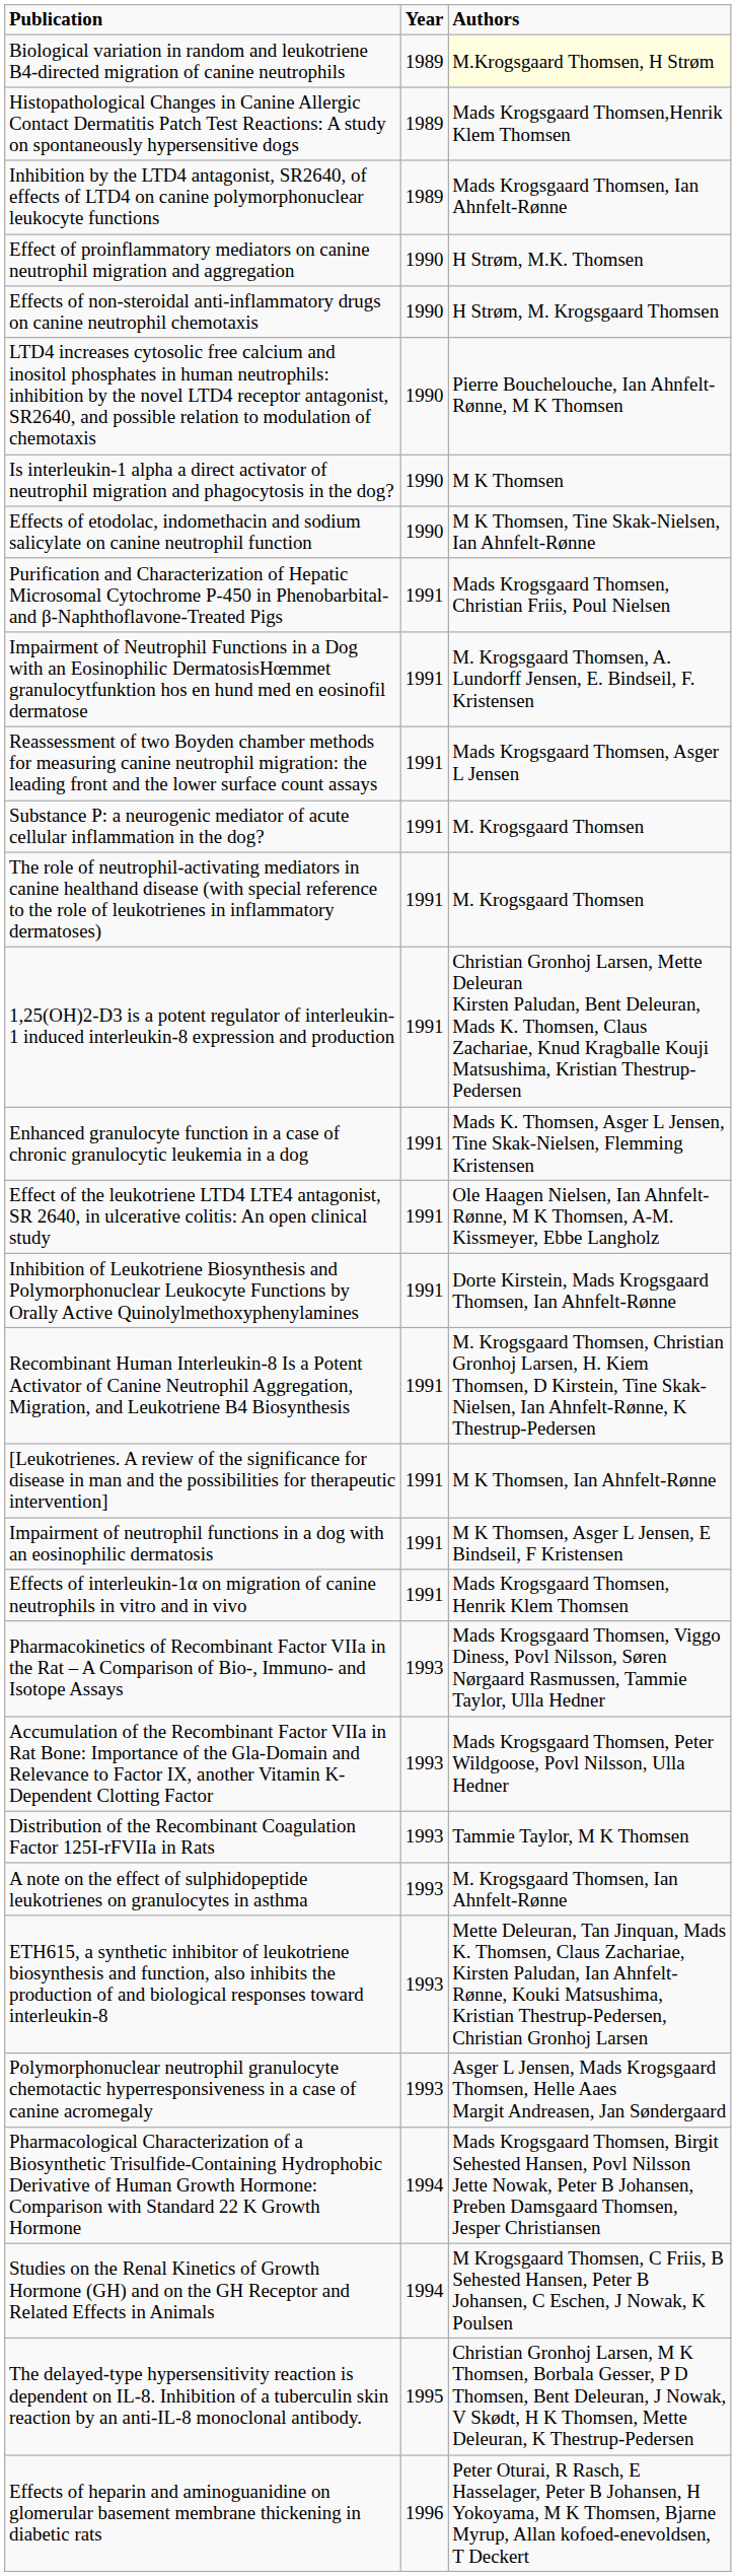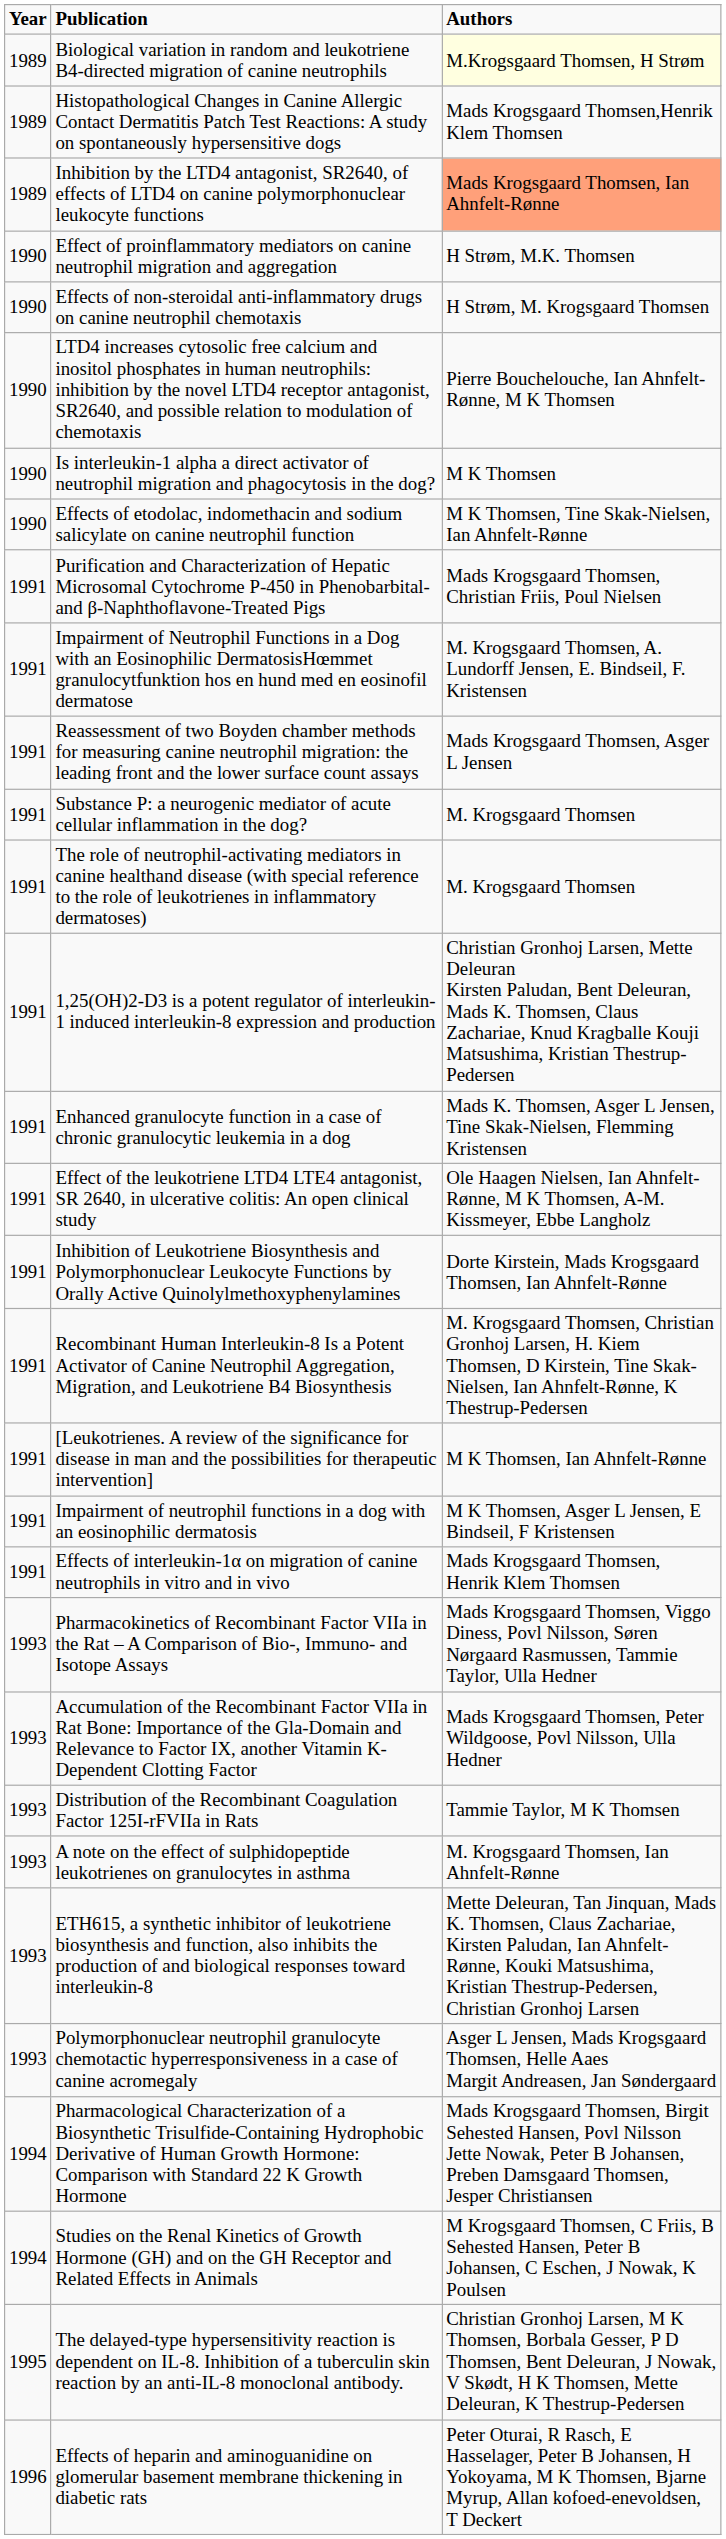 <table class="wikitable sortable mw-collapsible mw-collapsed">
 <tr>
+<td><strong>Year</strong></td>
 <td><strong>Publication</strong></td>
-<td><strong>Year</strong></td>
 <td><strong>Authors</strong></td>
 </tr>
 <tr>
+<td>1989</td>
 <td>Biological variation in random and leukotriene B4-directed migration of canine neutrophils</td>
-<td>1989</td>
 <td style="background: lightyellow;">M.Krogsgaard Thomsen, H Strøm</td>
 </tr>
 <tr>
+<td>1989</td>
 <td>Histopathological Changes in Canine Allergic Contact Dermatitis Patch Test Reactions: A study on spontaneously hypersensitive dogs</td>
-<td>1989</td>
 <td>Mads Krogsgaard Thomsen,Henrik Klem Thomsen</td>
 </tr>
 <tr>
+<td>1989</td>
 <td>Inhibition by the LTD4 antagonist, SR2640, of effects of LTD4 on canine polymorphonuclear leukocyte functions</td>
-<td>1989</td>
-<td>Mads Krogsgaard Thomsen, Ian Ahnfelt-Rønne</td>
+<td style="background: lightsalmon;">Mads Krogsgaard Thomsen, Ian Ahnfelt-Rønne</td>
 </tr>
 <tr>
+<td>1990</td>
 <td>Effect of proinflammatory mediators on canine neutrophil migration and aggregation</td>
-<td>1990</td>
 <td>H Strøm, M.K. Thomsen</td>
 </tr>
 <tr>
+<td>1990</td>
 <td>Effects of non-steroidal anti-inflammatory drugs on canine neutrophil chemotaxis</td>
-<td>1990</td>
 <td>H Strøm, M. Krogsgaard Thomsen</td>
 </tr>
 <tr>
+<td>1990</td>
 <td>LTD4 increases cytosolic free calcium and inositol phosphates in human neutrophils: inhibition by the novel LTD4 receptor antagonist, SR2640, and possible relation to modulation of chemotaxis</td>
-<td>1990</td>
 <td>Pierre Bouchelouche, Ian Ahnfelt-Rønne, M K Thomsen</td>
 </tr>
 <tr>
+<td>1990</td>
 <td>Is interleukin-1 alpha a direct activator of neutrophil migration and phagocytosis in the dog?</td>
-<td>1990</td>
 <td>M K Thomsen</td>
 </tr>
 <tr>
+<td>1990</td>
 <td>Effects of etodolac, indomethacin and sodium salicylate on canine neutrophil function</td>
-<td>1990</td>
 <td>M K Thomsen, Tine Skak-Nielsen,<br>Ian Ahnfelt-Rønne</td>
 </tr>
 <tr>
+<td>1991</td>
 <td>Purification and Characterization of Hepatic Microsomal Cytochrome P-450 in Phenobarbital- and β-Naphthoflavone-Treated Pigs</td>
-<td>1991</td>
 <td>Mads Krogsgaard Thomsen, Christian Friis, Poul Nielsen</td>
 </tr>
 <tr>
+<td>1991</td>
 <td>Impairment of Neutrophil Functions in a Dog with an Eosinophilic DermatosisHœmmet granulocytfunktion hos en hund med en eosinofil dermatose</td>
-<td>1991</td>
 <td>M. Krogsgaard Thomsen, A. Lundorff Jensen, E. Bindseil, F. Kristensen</td>
 </tr>
 <tr>
+<td>1991</td>
 <td>Reassessment of two Boyden chamber methods for measuring canine neutrophil migration: the leading front and the lower surface count assays</td>
-<td>1991</td>
 <td>Mads Krogsgaard Thomsen, Asger L Jensen</td>
 </tr>
 <tr>
+<td>1991</td>
 <td>Substance P: a neurogenic mediator of acute cellular inflammation in the dog?</td>
-<td>1991</td>
 <td>M. Krogsgaard Thomsen</td>
 </tr>
 <tr>
+<td>1991</td>
 <td>The role of neutrophil-activating mediators in canine healthand disease (with special reference to the role of leukotrienes in inflammatory dermatoses)</td>
-<td>1991</td>
 <td>M. Krogsgaard Thomsen</td>
 </tr>
 <tr>
+<td>1991</td>
 <td>1,25(OH)2-D3 is a potent regulator of interleukin-1 induced interleukin-8 expression and production</td>
-<td>1991</td>
 <td>Christian Gronhoj Larsen, Mette Deleuran<br>Kirsten Paludan, Bent Deleuran, Mads K. Thomsen, Claus Zachariae, Knud Kragballe Kouji Matsushima, Kristian Thestrup-Pedersen</td>
 </tr>
 <tr>
+<td>1991</td>
 <td>Enhanced granulocyte function in a case of chronic granulocytic leukemia in a dog</td>
-<td>1991</td>
 <td>Mads K. Thomsen, Asger L Jensen, Tine Skak-Nielsen, Flemming Kristensen</td>
 </tr>
 <tr>
+<td>1991</td>
 <td>Effect of the leukotriene LTD4 LTE4 antagonist, SR 2640, in ulcerative colitis: An open clinical study</td>
-<td>1991</td>
 <td>Ole Haagen Nielsen, Ian Ahnfelt-Rønne, M K Thomsen, A-M. Kissmeyer, Ebbe Langholz</td>
 </tr>
 <tr>
+<td>1991</td>
 <td>Inhibition of Leukotriene Biosynthesis and Polymorphonuclear Leukocyte Functions by Orally Active Quinolylmethoxyphenylamines</td>
-<td>1991</td>
 <td>Dorte Kirstein, Mads Krogsgaard Thomsen, Ian Ahnfelt-Rønne</td>
 </tr>
 <tr>
+<td>1991</td>
 <td>Recombinant Human Interleukin-8 Is a Potent Activator of Canine Neutrophil Aggregation, Migration, and Leukotriene B4 Biosynthesis</td>
-<td>1991</td>
 <td>M. Krogsgaard Thomsen, Christian Gronhoj Larsen, H. Kiem Thomsen, D Kirstein, Tine Skak-Nielsen, Ian Ahnfelt-Rønne, K Thestrup-Pedersen</td>
 </tr>
 <tr>
+<td>1991</td>
 <td>[Leukotrienes. A review of the significance for disease in man and the possibilities for therapeutic intervention]</td>
-<td>1991</td>
 <td>M K Thomsen, Ian Ahnfelt-Rønne</td>
 </tr>
 <tr>
+<td>1991</td>
 <td>Impairment of neutrophil functions in a dog with an eosinophilic dermatosis</td>
-<td>1991</td>
 <td>M K Thomsen, Asger L Jensen, E Bindseil, F Kristensen</td>
 </tr>
 <tr>
+<td>1991</td>
 <td>Effects of interleukin-1α on migration of canine neutrophils in vitro and in vivo</td>
-<td>1991</td>
 <td>Mads Krogsgaard Thomsen, Henrik Klem Thomsen</td>
 </tr>
 <tr>
+<td>1993</td>
 <td>Pharmacokinetics of Recombinant Factor VIIa in the Rat – A Comparison of Bio-, Immuno- and Isotope Assays</td>
-<td>1993</td>
 <td>Mads Krogsgaard Thomsen, Viggo Diness, Povl Nilsson, Søren Nørgaard Rasmussen, Tammie Taylor, Ulla Hedner</td>
 </tr>
 <tr>
+<td>1993</td>
 <td>Accumulation of the Recombinant Factor VIIa in Rat Bone: Importance of the Gla‐Domain and Relevance to Factor IX, another Vitamin K‐Dependent Clotting Factor</td>
-<td>1993</td>
 <td>Mads Krogsgaard Thomsen, Peter Wildgoose, Povl Nilsson, Ulla Hedner</td>
 </tr>
 <tr>
+<td>1993</td>
 <td>Distribution of the Recombinant Coagulation Factor 125I-rFVIIa in Rats</td>
-<td>1993</td>
 <td>Tammie Taylor, M K Thomsen</td>
 </tr>
 <tr>
+<td>1993</td>
 <td>A note on the effect of sulphidopeptide leukotrienes on granulocytes in asthma</td>
-<td>1993</td>
 <td>M. Krogsgaard Thomsen, Ian Ahnfelt-Rønne</td>
 </tr>
 <tr>
+<td>1993</td>
 <td>ETH615, a synthetic inhibitor of leukotriene biosynthesis and function, also inhibits the production of and biological responses toward interleukin-8</td>
-<td>1993</td>
 <td>Mette Deleuran, Tan Jinquan, Mads K. Thomsen, Claus Zachariae, Kirsten Paludan, Ian Ahnfelt-Rønne, Kouki Matsushima, Kristian Thestrup-Pedersen, Christian Gronhoj Larsen</td>
 </tr>
 <tr>
+<td>1993</td>
 <td>Polymorphonuclear neutrophil granulocyte chemotactic hyperresponsiveness in a case of canine acromegaly</td>
-<td>1993</td>
 <td>Asger L Jensen, Mads Krogsgaard Thomsen, Helle Aaes<br>Margit Andreasen, Jan Søndergaard</td>
 </tr>
 <tr>
+<td>1994</td>
 <td>Pharmacological Characterization of a Biosynthetic Trisulfide‐Containing Hydrophobic Derivative of Human Growth Hormone: Comparison with Standard 22 K Growth Hormone</td>
-<td>1994</td>
 <td>Mads Krogsgaard Thomsen, Birgit Sehested Hansen, Povl Nilsson<br>Jette Nowak, Peter B Johansen, Preben Damsgaard Thomsen, Jesper Christiansen</td>
 </tr>
 <tr>
+<td>1994</td>
 <td>Studies on the Renal Kinetics of Growth Hormone (GH) and on the GH Receptor and Related Effects in Animals</td>
-<td>1994</td>
 <td>M Krogsgaard Thomsen, C Friis, B Sehested Hansen, Peter B Johansen, C Eschen, J Nowak, K Poulsen</td>
 </tr>
 <tr>
+<td>1995</td>
 <td>The delayed-type hypersensitivity reaction is dependent on IL-8. Inhibition of a tuberculin skin reaction by an anti-IL-8 monoclonal antibody.</td>
-<td>1995</td>
 <td>Christian Gronhoj Larsen, M K Thomsen, Borbala Gesser, P D Thomsen, Bent Deleuran, J Nowak, V Skødt, H K Thomsen, Mette Deleuran, K Thestrup-Pedersen</td>
 </tr>
 <tr>
+<td>1996</td>
 <td>Effects of heparin and aminoguanidine on glomerular basement membrane thickening in diabetic rats</td>
-<td>1996</td>
 <td>Peter Oturai, R Rasch, E Hasselager, Peter B Johansen, H Yokoyama, M K Thomsen, Bjarne Myrup, Allan kofoed-enevoldsen, T Deckert</td>
 </tr>
 </table>
